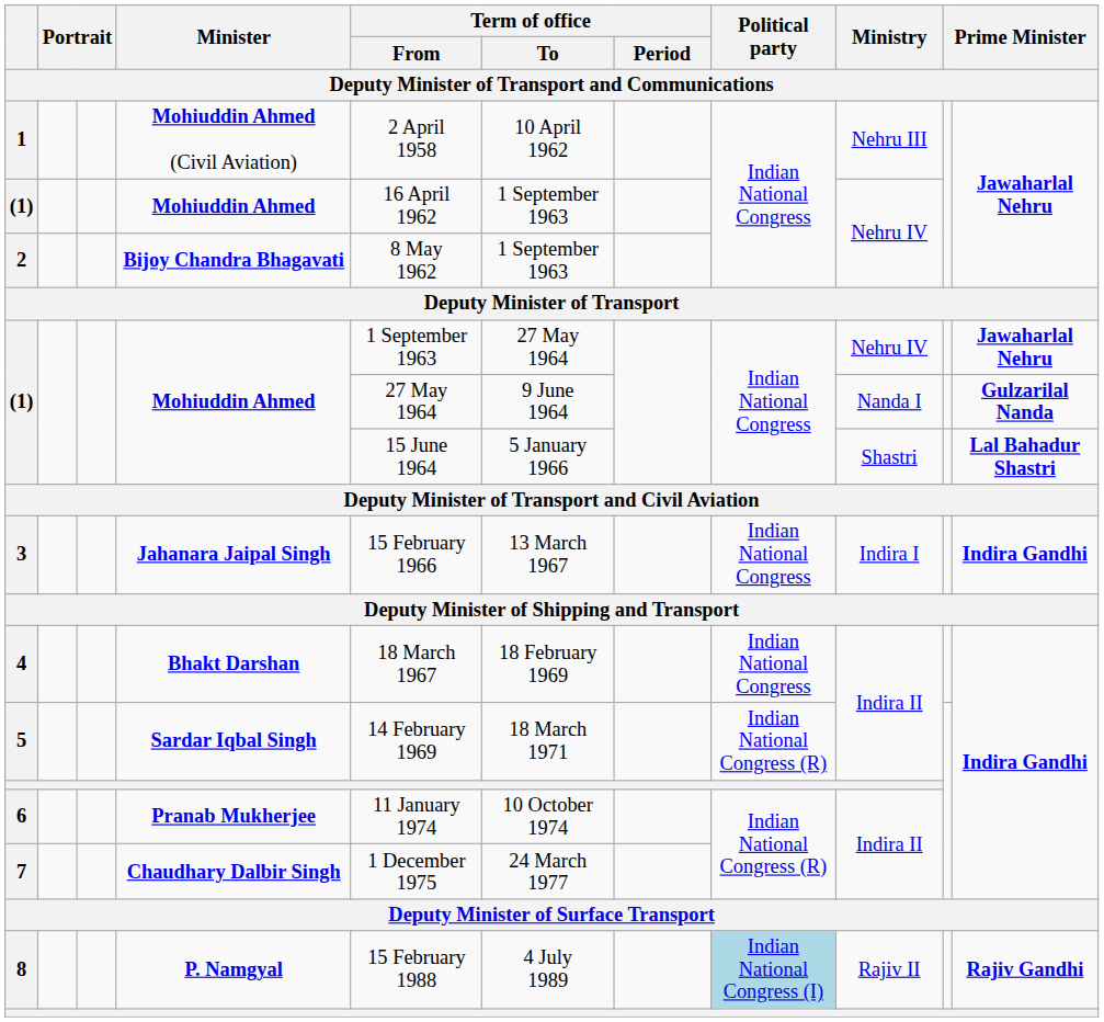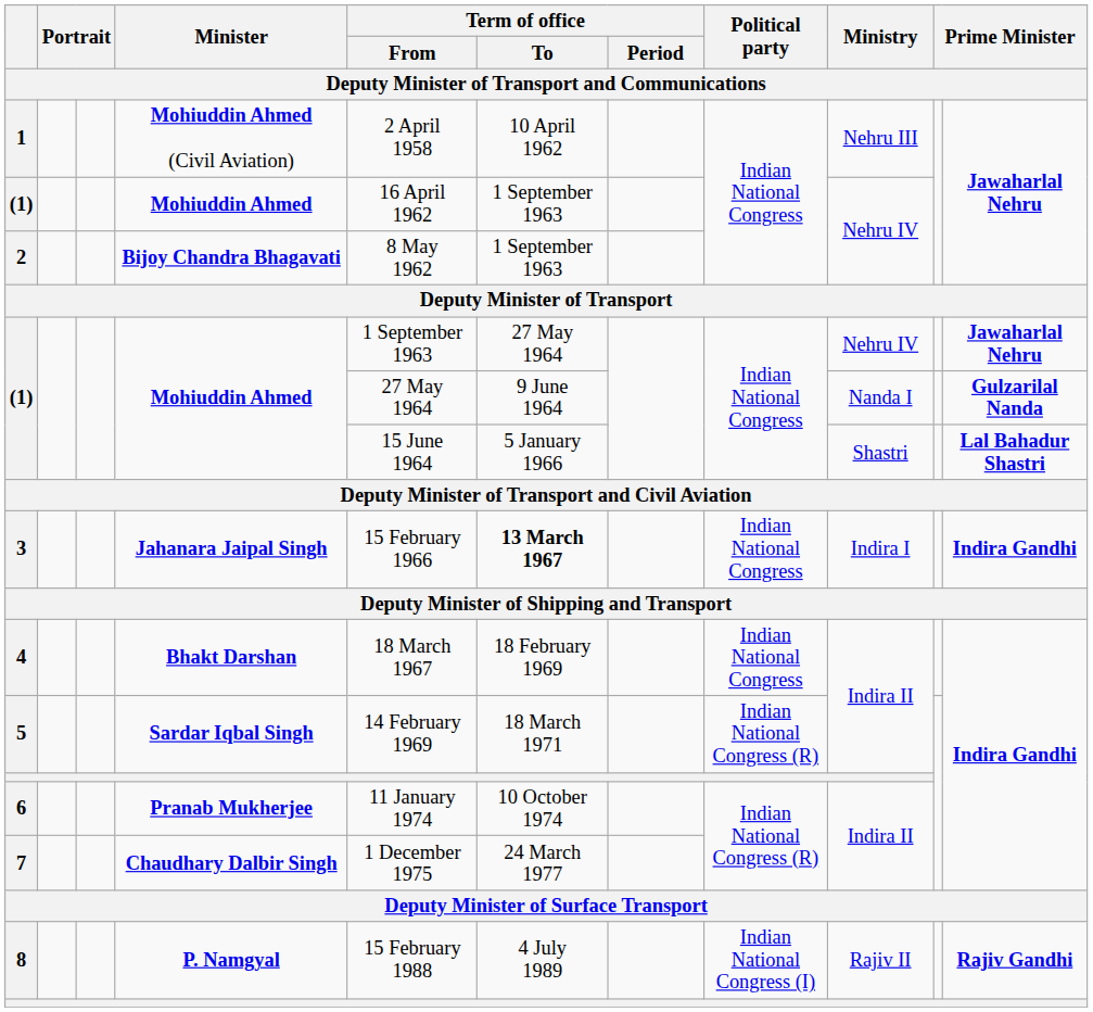 <table class="wikitable" style="text-align:center">
 <tr>
 <th rowspan="2"></th>
 <th rowspan="2" colspan="2">Portrait</th>
 <th rowspan="2" style="width:18em">Minister<br></th>
 <th colspan="3">Term of office</th>
 <th rowspan="2" style="width:8em">Political party</th>
 <th rowspan="2" style="width:6em">Ministry</th>
 <th rowspan="2" colspan="2">Prime Minister</th>
 </tr>
 <tr>
 <th style="width:8em">From</th>
 <th style="width:8em">To</th>
 <th style="width:6em">Period</th>
 </tr>
 <tr>
 <th colspan="11">Deputy Minister of Transport and Communications</th>
 </tr>
 <tr>
 <th>1</th>
 <td style="color:inherit;background:"></td>
 <td></td>
 <td><strong><a href='#'>Mohiuddin Ahmed</a></strong><br><br>(Civil Aviation)</td>
 <td>2 April<br>1958</td>
 <td>10 April<br>1962</td>
 <td><strong></strong></td>
 <td rowspan="3"><a href='#'>Indian National Congress</a></td>
 <td><a href='#'>Nehru III</a></td>
 <td rowspan="3" style="color:inherit;background:"></td>
 <td style="width:9em" rowspan="3"><strong><a href='#'>Jawaharlal Nehru</a></strong></td>
 </tr>
 <tr>
 <th>(1)</th>
 <td style="color:inherit;background:"></td>
 <td></td>
 <td><strong><a href='#'>Mohiuddin Ahmed</a></strong><br></td>
 <td>16 April<br>1962</td>
 <td>1 September<br>1963</td>
 <td><strong></strong></td>
 <td rowspan="2"><a href='#'>Nehru IV</a></td>
 </tr>
 <tr>
 <th>2</th>
 <td style="color:inherit;background:"></td>
 <td></td>
 <td><strong><a href='#'>Bijoy Chandra Bhagavati</a></strong><br></td>
 <td>8 May<br>1962</td>
 <td>1 September<br>1963</td>
 <td><strong></strong></td>
 </tr>
 <tr>
 <th colspan="11">Deputy Minister of Transport</th>
 </tr>
 <tr>
 <th rowspan="3">(1)</th>
 <td rowspan="3" style="color:inherit;background:"></td>
 <td rowspan="3"></td>
 <td rowspan="3"><strong><a href='#'>Mohiuddin Ahmed</a></strong><br></td>
 <td>1 September<br>1963</td>
 <td>27 May<br>1964</td>
 <td rowspan="3"><strong></strong></td>
 <td rowspan="3"><a href='#'>Indian National Congress</a></td>
 <td><a href='#'>Nehru IV</a></td>
 <td style="color:inherit;background:"></td>
 <td><strong><a href='#'>Jawaharlal Nehru</a></strong></td>
 </tr>
 <tr>
 <td>27 May<br>1964</td>
 <td>9 June<br>1964</td>
 <td><a href='#'>Nanda I</a></td>
 <td style="color:inherit;background:"></td>
 <td><strong><a href='#'>Gulzarilal Nanda</a></strong></td>
 </tr>
 <tr>
 <td>15 June<br>1964</td>
 <td>5 January<br>1966</td>
 <td><a href='#'>Shastri</a></td>
 <td style="color:inherit;background:"></td>
 <td><strong><a href='#'>Lal Bahadur Shastri</a></strong></td>
 </tr>
 <tr>
 <th colspan="11">Deputy Minister of Transport and Civil Aviation</th>
 </tr>
 <tr>
 <th>3</th>
 <td style="color:inherit;background:"></td>
 <td></td>
 <td><strong><a href='#'>Jahanara Jaipal Singh</a></strong><br></td>
 <td>15 February<br>1966</td>
-<td>13 March<br>1967</td>
+<td><strong>13 March<br>1967</strong></td>
 <td><strong></strong></td>
 <td><a href='#'>Indian National Congress</a></td>
 <td><a href='#'>Indira I</a></td>
 <td style="color:inherit;background:"></td>
 <td><strong><a href='#'>Indira Gandhi</a></strong></td>
 </tr>
 <tr>
 <th colspan="11">Deputy Minister of Shipping and Transport</th>
 </tr>
 <tr>
 <th>4</th>
 <td style="color:inherit;background:"></td>
 <td></td>
 <td><strong><a href='#'>Bhakt Darshan</a></strong><br></td>
 <td>18 March<br>1967</td>
 <td>18 February<br>1969</td>
 <td><strong></strong></td>
 <td><a href='#'>Indian National Congress</a></td>
 <td rowspan="2"><a href='#'>Indira II</a></td>
 <td style="color:inherit;background:"></td>
 <td rowspan="5"><strong><a href='#'>Indira Gandhi</a></strong></td>
 </tr>
 <tr>
 <th>5</th>
 <td style="color:inherit;background:"></td>
 <td></td>
 <td><strong><a href='#'>Sardar Iqbal Singh</a></strong><br></td>
 <td>14 February<br>1969</td>
 <td>18 March<br>1971</td>
 <td><strong></strong></td>
 <td><a href='#'>Indian National Congress (R)</a></td>
 <td rowspan="4" style="color:inherit;background:"></td>
 </tr>
 <tr>
 <th colspan="9"></th>
 </tr>
 <tr>
 <th>6</th>
 <td style="color:inherit;background:"></td>
 <td></td>
 <td><strong><a href='#'>Pranab Mukherjee</a></strong><br></td>
 <td>11 January<br>1974</td>
 <td>10 October<br>1974</td>
 <td><strong></strong></td>
 <td rowspan="2"><a href='#'>Indian National Congress (R)</a></td>
 <td rowspan="2"><a href='#'>Indira II</a></td>
 </tr>
 <tr>
 <th>7</th>
 <td style="color:inherit;background:"></td>
 <td></td>
 <td><strong><a href='#'>Chaudhary Dalbir Singh</a></strong><br></td>
 <td>1 December<br>1975</td>
 <td>24 March<br>1977</td>
 <td><strong></strong></td>
 </tr>
 <tr>
 <th colspan="11"><a href='#'>Deputy Minister of Surface Transport</a></th>
 </tr>
 <tr>
 <th>8</th>
 <td style="color:inherit;background:"></td>
 <td></td>
 <td><strong><a href='#'>P. Namgyal</a></strong><br></td>
 <td>15 February<br>1988</td>
 <td>4 July<br>1989</td>
 <td><strong></strong></td>
-<td style="background: lightblue;"><a href='#'>Indian National Congress (I)</a></td>
+<td><a href='#'>Indian National Congress (I)</a></td>
 <td><a href='#'>Rajiv II</a></td>
 <td style="color:inherit;background:"></td>
 <td><strong><a href='#'>Rajiv Gandhi</a></strong></td>
 </tr>
 <tr>
 <th colspan="11"></th>
 </tr>
 <tr>
 </tr>
 </table>
